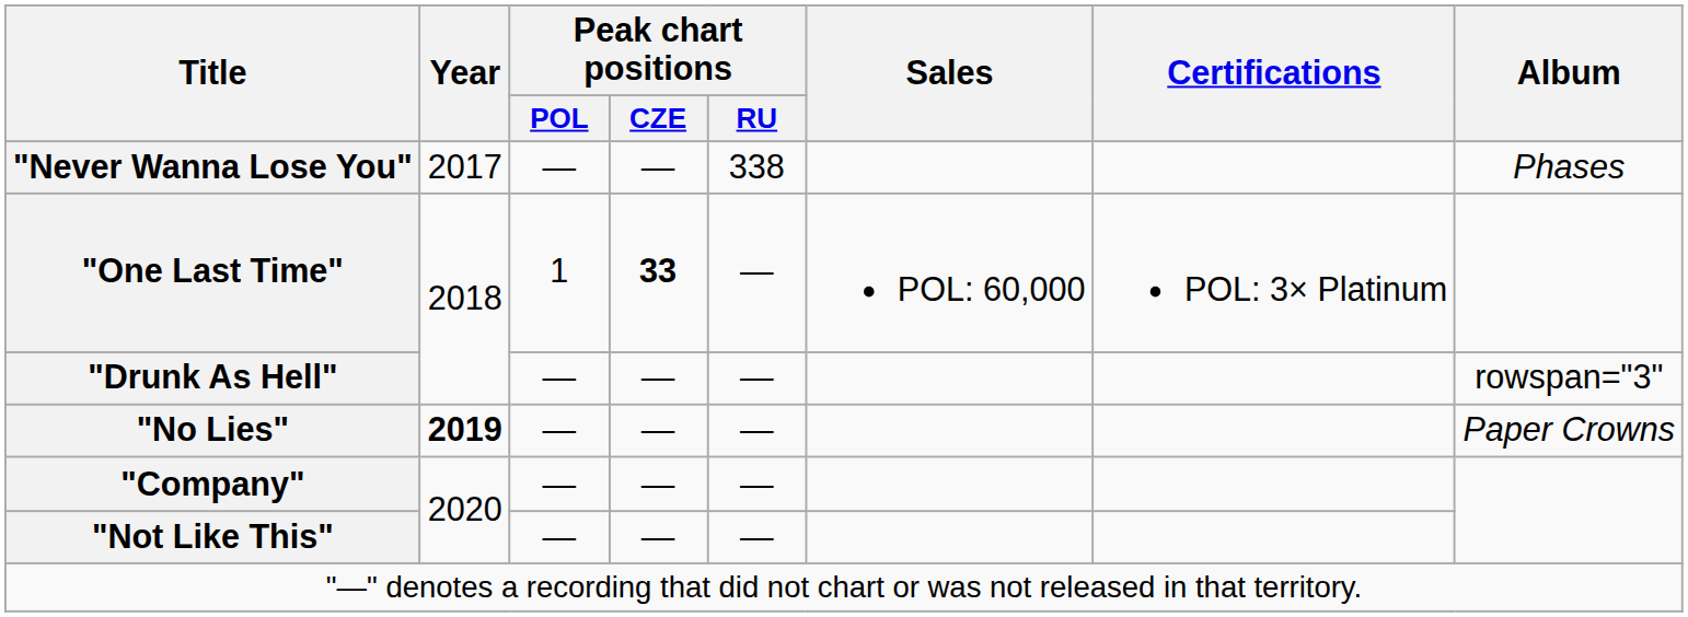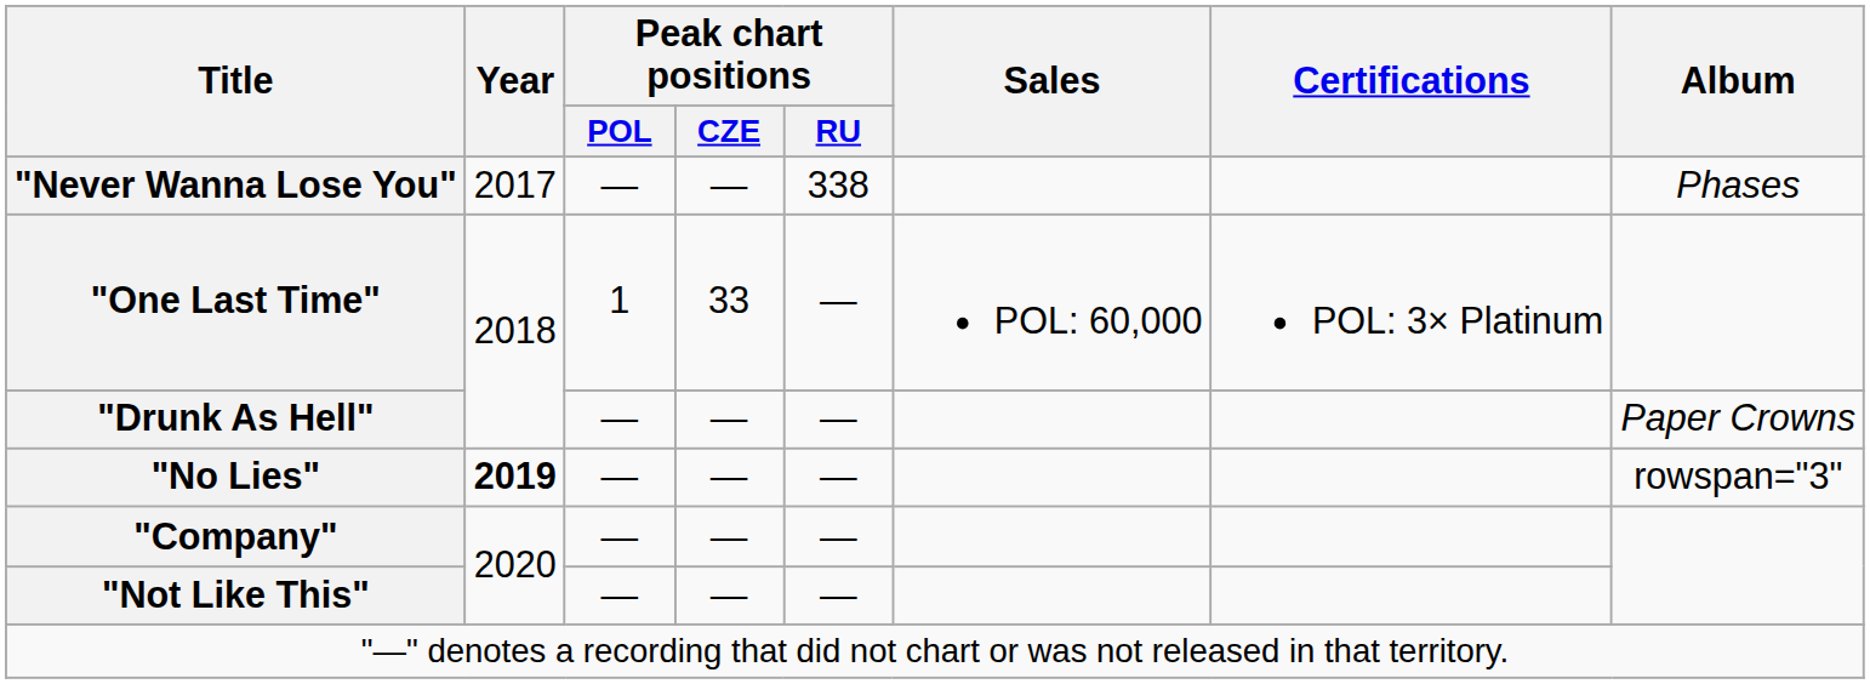 <table class="wikitable plainrowheaders" style="text-align:center;">
 <tr>
 <th scope="col" rowspan=2>Title</th>
 <th scope="col" rowspan=2>Year</th>
 <th scope="col" colspan=3>Peak chart positions</th>
 <th scope="col" rowspan=2>Sales</th>
 <th scope="col" rowspan=2><a href='#'>Certifications</a></th>
 <th scope="col" rowspan=2>Album</th>
 </tr>
 <tr>
 <th scope="col" style="width:3em;font-size:85%;"><a href='#'>POL</a><br></th>
 <th scope="col" style="width:3em;font-size:85%;"><a href='#'>CZE</a><br></th>
 <th style="width:3em;font-size:85%;"><a href='#'>RU</a><br></th>
 </tr>
 <tr>
 <th scope="row">"Never Wanna Lose You"<br></th>
 <td>2017</td>
 <td>—</td>
 <td>—</td>
 <td>338</td>
 <td></td>
 <td></td>
 <td><em>Phases</em></td>
 </tr>
 <tr>
 <th scope="row">"One Last Time"<br></th>
 <td rowspan="2">2018</td>
 <td>1</td>
-<td><strong>33</strong></td>
+<td>33</td>
 <td>—</td>
 <td><br><ul><li>POL: 60,000</li></ul></td>
 <td><br><ul><li>POL: 3× Platinum</li></ul></td>
 <td></td>
 </tr>
 <tr>
 <th scope="row">"Drunk As Hell"<br></th>
 <td>—</td>
 <td>—</td>
 <td>—</td>
 <td></td>
 <td></td>
-<td>rowspan="3" </td>
+<td><em>Paper Crowns</em></td>
 </tr>
 <tr>
 <th scope="row">"No Lies"<br></th>
 <td><strong>2019</strong></td>
 <td>—</td>
 <td>—</td>
 <td>—</td>
 <td></td>
 <td></td>
-<td><em>Paper Crowns</em></td>
+<td>rowspan="3" </td>
 </tr>
 <tr>
 <th scope="row">"Company"<br></th>
 <td rowspan="2">2020</td>
 <td>—</td>
 <td>—</td>
 <td>—</td>
 <td></td>
 <td></td>
 </tr>
 <tr>
 <th scope="row">"Not Like This"<br></th>
 <td>—</td>
 <td>—</td>
 <td>—</td>
 <td></td>
 <td></td>
 </tr>
 <tr>
 <td colspan="9" style="font-size:90%">"—" denotes a recording that did not chart or was not released in that territory.</td>
 </tr>
 </table>
